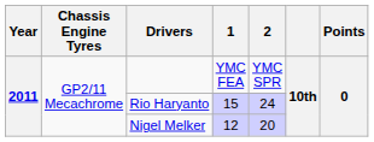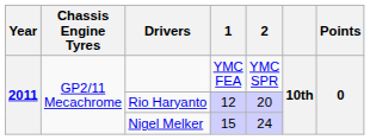 <table class="wikitable" style="text-align:center; font-size:85%;">
 <tr>
 <th>Year</th>
 <th>Chassis<br>Engine<br>Tyres</th>
 <th>Drivers</th>
 <th>1</th>
 <th>2</th>
 <th></th>
 <th>Points</th>
 </tr>
 <tr>
 <th rowspan=3><a href='#'>2011</a></th>
 <td rowspan=3><a href='#'>GP2/11</a><br><a href='#'>Mecachrome</a><br></td>
 <td></td>
 <td><a href='#'>YMC<br>FEA</a></td>
 <td><a href='#'>YMC<br>SPR</a></td>
 <th rowspan=3>10th</th>
 <th rowspan=3>0</th>
 </tr>
 <tr>
 <td align=left> <a href='#'>Rio Haryanto</a></td>
+<td bgcolor="#CFCFFF">12</td>
+<td bgcolor="#CFCFFF">20</td>
+</tr>
+<tr>
+<td align=left> <a href='#'>Nigel Melker</a></td>
 <td bgcolor="#CFCFFF">15</td>
 <td bgcolor="#CFCFFF">24</td>
 </tr>
-<tr>
-<td align=left> <a href='#'>Nigel Melker</a></td>
-<td bgcolor="#CFCFFF">12</td>
-<td bgcolor="#CFCFFF">20</td>
-</tr>
 </table>
